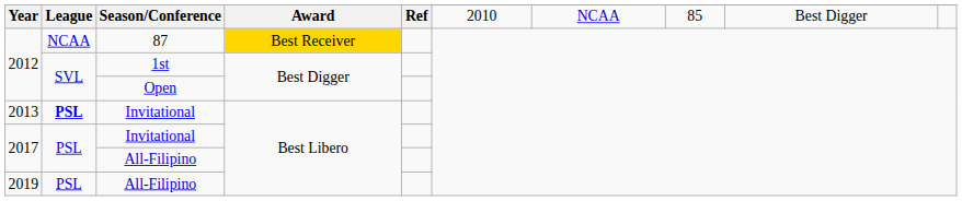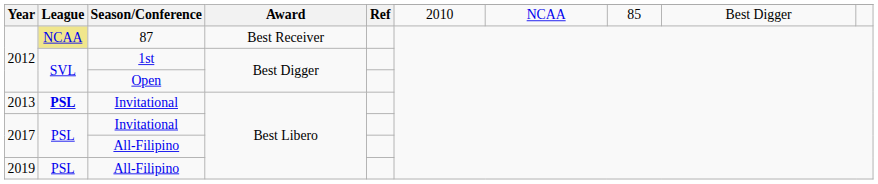 <table class="wikitable sortable" style="text-align:center" width="80%">
 <tr>
 <th style="width:5px;" rowspan="2">Year</th>
 <th style="width:25px;" rowspan="2">League</th>
 <th style="width:100px;" rowspan="2">Season/Conference</th>
 <th style="width:180px;" rowspan="2">Award</th>
 <th style="width:25px;" rowspan="2">Ref</th>
 </tr>
 <tr>
 <td>2010</td>
 <td><a href='#'>NCAA</a></td>
 <td>85</td>
 <td>Best Digger</td>
 <td></td>
 </tr>
 <tr>
 <td rowspan="3">2012</td>
-<td rowspan="1"><a href='#'>NCAA</a></td>
+<td rowspan="1" style="background: khaki;"><a href='#'>NCAA</a></td>
 <td>87</td>
-<td style="background: gold;">Best Receiver</td>
+<td>Best Receiver</td>
 <td></td>
 </tr>
 <tr>
 <td rowspan="2"><a href='#'>SVL</a></td>
 <td><a href='#'>1st</a></td>
 <td rowspan="2">Best Digger</td>
 <td></td>
 </tr>
 <tr>
 <td><a href='#'>Open</a></td>
 <td></td>
 </tr>
 <tr>
 <td>2013</td>
 <td><strong><a href='#'>PSL</a></strong></td>
 <td><a href='#'>Invitational</a></td>
 <td rowspan="4">Best Libero</td>
 <td></td>
 </tr>
 <tr>
 <td rowspan="2">2017</td>
 <td rowspan="2"><a href='#'>PSL</a></td>
 <td><a href='#'>Invitational</a></td>
 <td></td>
 </tr>
 <tr>
 <td><a href='#'>All-Filipino</a></td>
 <td></td>
 </tr>
 <tr>
 <td>2019</td>
 <td><a href='#'>PSL</a></td>
 <td><a href='#'>All-Filipino</a></td>
 <td></td>
 </tr>
 </table>
